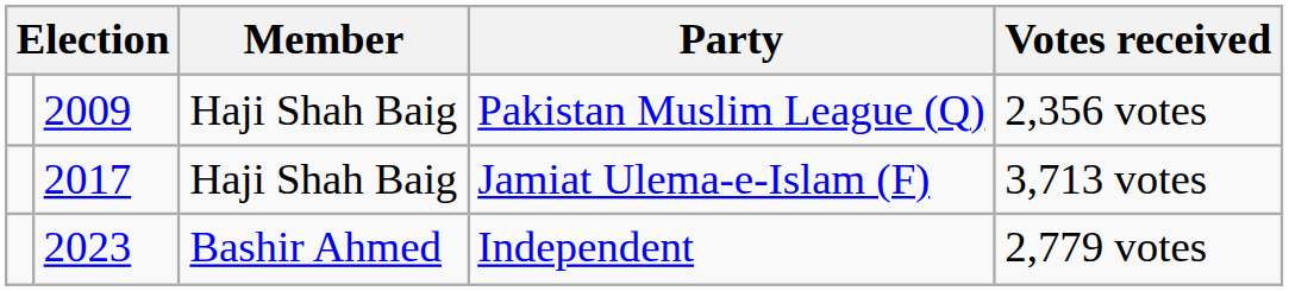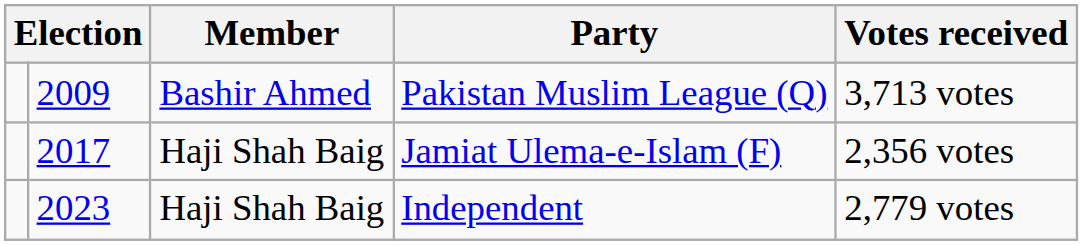 <table class="wikitable">
 <tr>
 <th colspan="2">Election</th>
 <th>Member</th>
 <th>Party</th>
 <th>Votes received</th>
 </tr>
 <tr>
 <td style="background-color: "></td>
 <td><a href='#'>2009</a></td>
-<td>Haji Shah Baig</td>
+<td><a href='#'>Bashir Ahmed</a></td>
 <td><a href='#'>Pakistan Muslim League (Q)</a></td>
-<td>2,356 votes</td>
+<td>3,713 votes</td>
 </tr>
 <tr>
 <td style="background-color:"></td>
 <td><a href='#'>2017</a></td>
 <td>Haji Shah Baig</td>
 <td><a href='#'>Jamiat Ulema-e-Islam (F)</a></td>
-<td>3,713 votes</td>
+<td>2,356 votes</td>
 </tr>
 <tr>
 <td></td>
 <td><a href='#'>2023</a></td>
-<td><a href='#'>Bashir Ahmed</a></td>
+<td>Haji Shah Baig</td>
 <td><a href='#'>Independent</a></td>
 <td>2,779 votes</td>
 </tr>
 </table>
